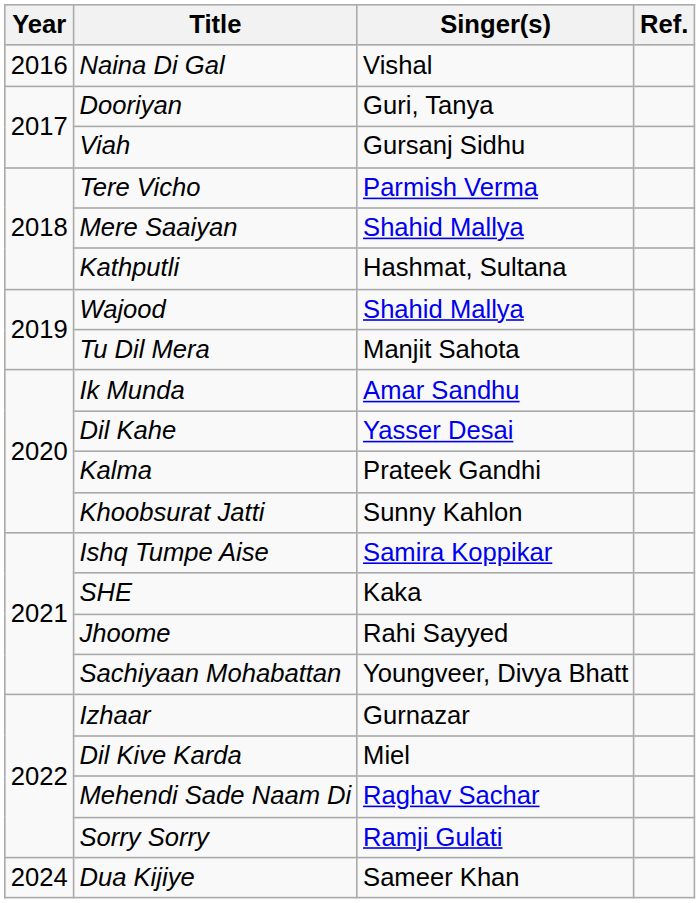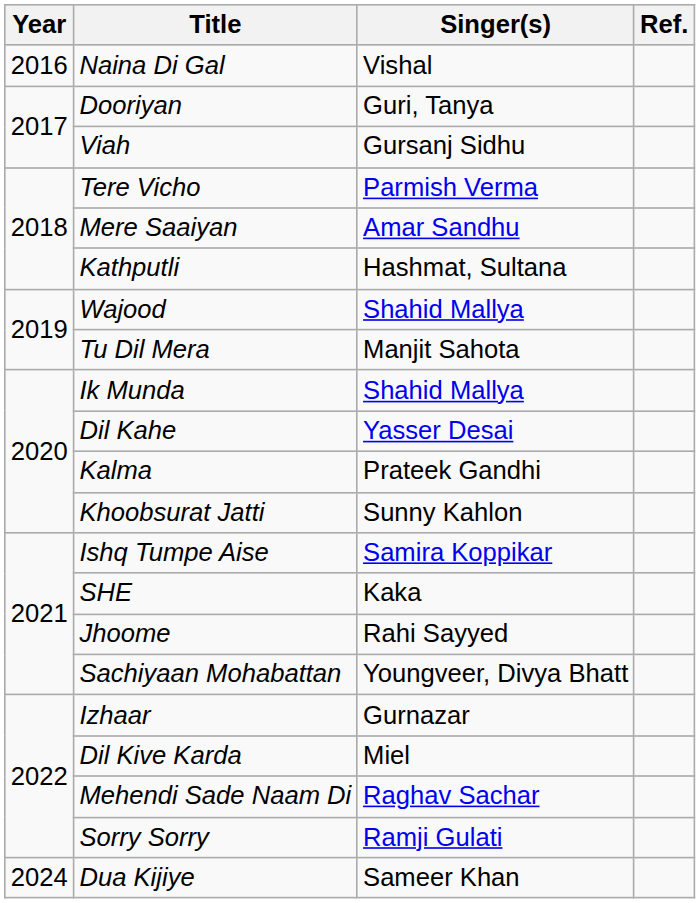 <table class="wikitable sortable">
 <tr>
 <th>Year</th>
 <th>Title</th>
 <th>Singer(s)</th>
 <th>Ref.</th>
 </tr>
 <tr>
 <td>2016</td>
 <td><em>Naina Di Gal</em></td>
 <td>Vishal</td>
 <td></td>
 </tr>
 <tr>
 <td rowspan="2">2017</td>
 <td><em>Dooriyan</em></td>
 <td>Guri, Tanya</td>
 <td></td>
 </tr>
 <tr>
 <td><em>Viah</em></td>
 <td>Gursanj Sidhu</td>
 <td></td>
 </tr>
 <tr>
 <td rowspan="3">2018</td>
 <td><em>Tere Vicho</em></td>
 <td><a href='#'>Parmish Verma</a></td>
 <td></td>
 </tr>
 <tr>
 <td><em>Mere Saaiyan</em></td>
-<td><a href='#'>Shahid Mallya</a></td>
+<td><a href='#'>Amar Sandhu</a></td>
 <td></td>
 </tr>
 <tr>
 <td><em>Kathputli</em></td>
 <td>Hashmat, Sultana</td>
 <td></td>
 </tr>
 <tr>
 <td rowspan="2">2019</td>
 <td><em>Wajood</em></td>
 <td><a href='#'>Shahid Mallya</a></td>
 <td></td>
 </tr>
 <tr>
 <td><em>Tu Dil Mera</em></td>
 <td>Manjit Sahota</td>
 <td></td>
 </tr>
 <tr>
 <td rowspan="4">2020</td>
 <td><em>Ik Munda</em></td>
-<td><a href='#'>Amar Sandhu</a></td>
+<td><a href='#'>Shahid Mallya</a></td>
 <td></td>
 </tr>
 <tr>
 <td><em>Dil Kahe</em></td>
 <td><a href='#'>Yasser Desai</a></td>
 <td></td>
 </tr>
 <tr>
 <td><em>Kalma</em></td>
 <td>Prateek Gandhi</td>
 <td></td>
 </tr>
 <tr>
 <td><em>Khoobsurat Jatti</em></td>
 <td>Sunny Kahlon</td>
 <td></td>
 </tr>
 <tr>
 <td rowspan="4">2021</td>
 <td><em>Ishq Tumpe Aise</em></td>
 <td><a href='#'>Samira Koppikar</a></td>
 <td></td>
 </tr>
 <tr>
 <td><em>SHE</em></td>
 <td>Kaka</td>
 <td></td>
 </tr>
 <tr>
 <td><em>Jhoome</em></td>
 <td>Rahi Sayyed</td>
 <td></td>
 </tr>
 <tr>
 <td><em>Sachiyaan Mohabattan</em></td>
 <td>Youngveer, Divya Bhatt</td>
 <td></td>
 </tr>
 <tr>
 <td rowspan="4">2022</td>
 <td><em>Izhaar</em></td>
 <td>Gurnazar</td>
 <td></td>
 </tr>
 <tr>
 <td><em>Dil Kive Karda</em></td>
 <td>Miel</td>
 <td></td>
 </tr>
 <tr>
 <td><em>Mehendi Sade Naam Di</em></td>
 <td><a href='#'>Raghav Sachar</a></td>
 <td></td>
 </tr>
 <tr>
 <td><em>Sorry Sorry</em></td>
 <td><a href='#'>Ramji Gulati</a></td>
 <td></td>
 </tr>
 <tr>
 <td>2024</td>
 <td><em>Dua Kijiye</em></td>
 <td>Sameer Khan</td>
 <td></td>
 </tr>
 </table>
